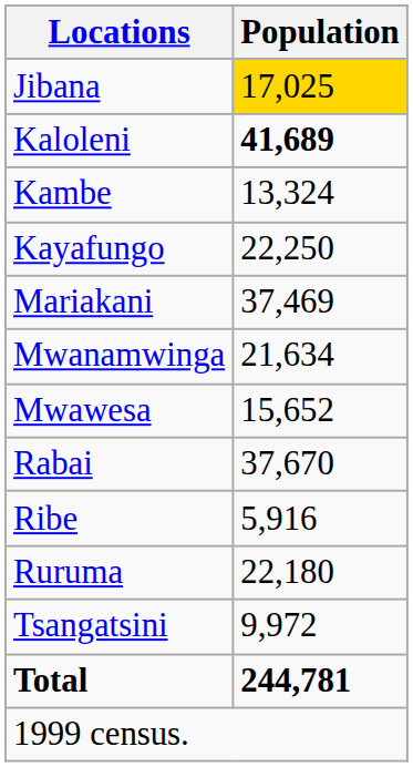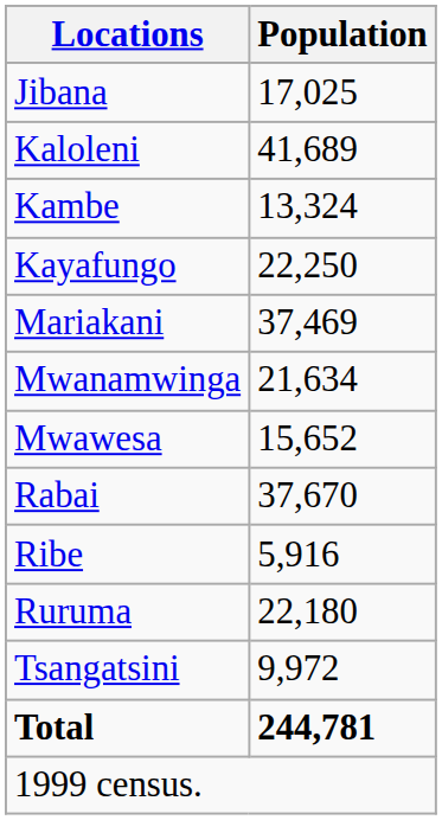 <table class="wikitable">
 <tr>
 <th><a href='#'>Locations</a></th>
 <th>Population</th>
 </tr>
 <tr>
 <td><a href='#'>Jibana</a></td>
-<td style="background: gold;">17,025</td>
+<td>17,025</td>
 </tr>
 <tr>
 <td><a href='#'>Kaloleni</a></td>
-<td><strong>41,689</strong></td>
+<td>41,689</td>
 </tr>
 <tr>
 <td><a href='#'>Kambe</a></td>
 <td>13,324</td>
 </tr>
 <tr>
 <td><a href='#'>Kayafungo</a></td>
 <td>22,250</td>
 </tr>
 <tr>
 <td><a href='#'>Mariakani</a></td>
 <td>37,469</td>
 </tr>
 <tr>
 <td><a href='#'>Mwanamwinga</a></td>
 <td>21,634</td>
 </tr>
 <tr>
 <td><a href='#'>Mwawesa</a></td>
 <td>15,652</td>
 </tr>
 <tr>
 <td><a href='#'>Rabai</a></td>
 <td>37,670</td>
 </tr>
 <tr>
 <td><a href='#'>Ribe</a></td>
 <td>5,916</td>
 </tr>
 <tr>
 <td><a href='#'>Ruruma</a></td>
 <td>22,180</td>
 </tr>
 <tr>
 <td><a href='#'>Tsangatsini</a></td>
 <td>9,972</td>
 </tr>
 <tr>
 <td><strong>Total</strong></td>
 <td><strong>244,781</strong></td>
 </tr>
 <tr>
 <td colspan="2">1999 census.</td>
 </tr>
 </table>
